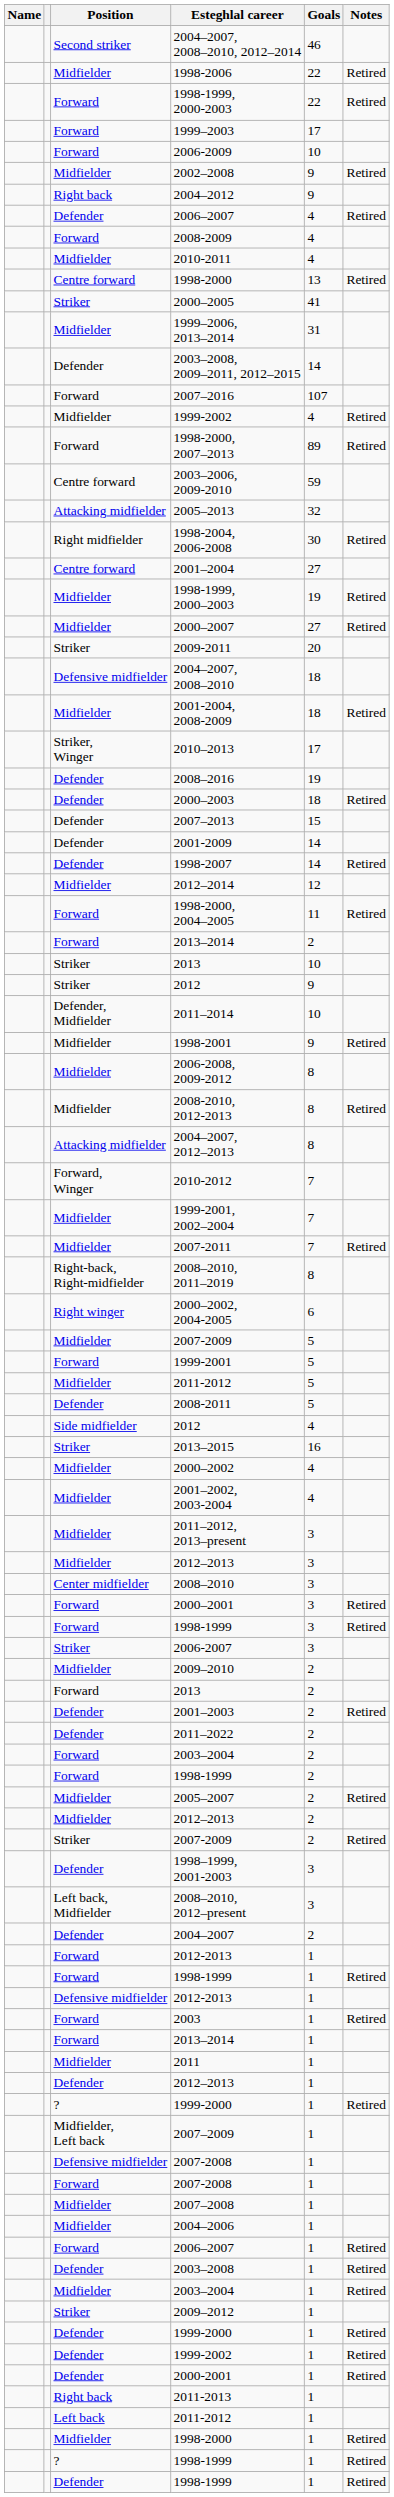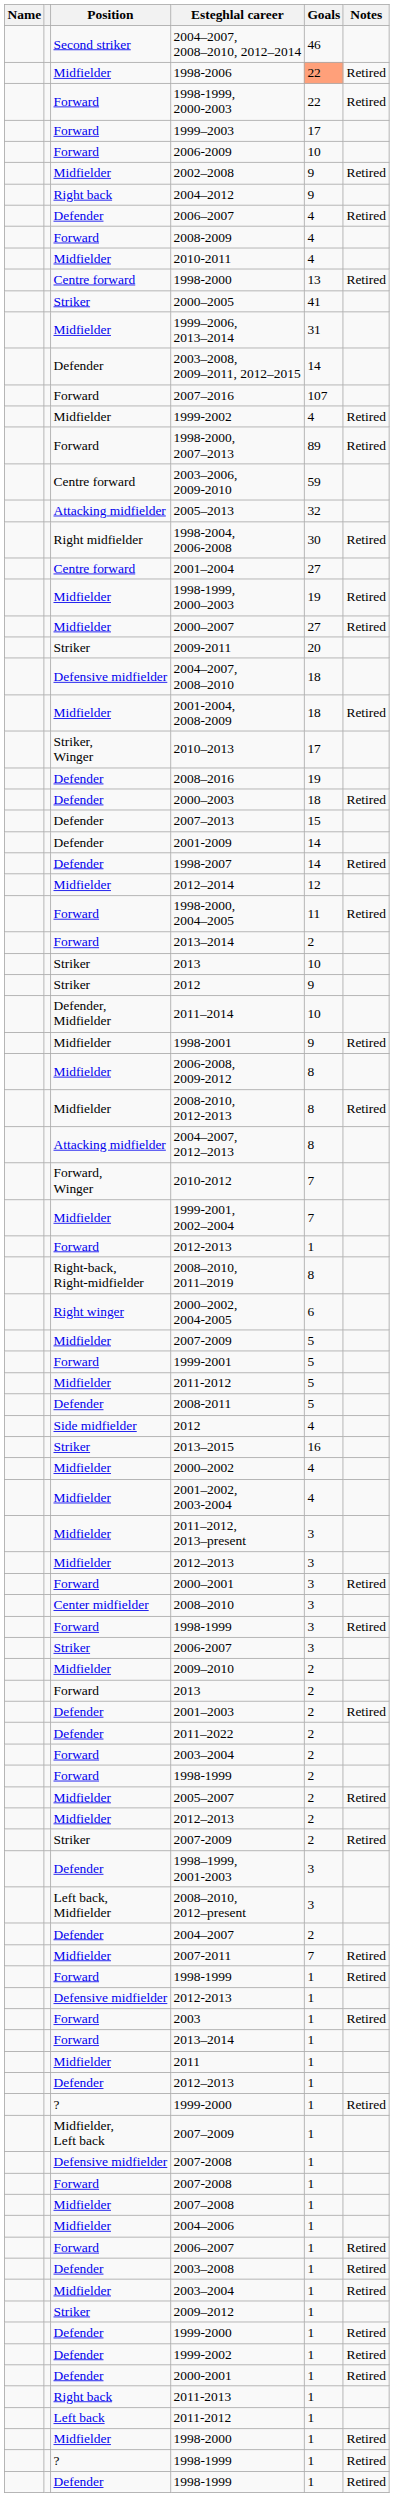 <table class="wikitable sortable">
 <tr>
 <th>Name</th>
 <th></th>
 <th>Position</th>
 <th>Esteghlal career</th>
 <th>Goals</th>
 <th class="unsortable">Notes</th>
 </tr>
 <tr>
 <td align="left"></td>
 <td></td>
 <td><a href='#'>Second striker</a></td>
 <td>2004–2007,<br>2008–2010, 2012–2014</td>
 <td>46</td>
 <td></td>
 </tr>
 <tr>
 <td align="left"></td>
 <td></td>
 <td><a href='#'>Midfielder</a></td>
 <td>1998-2006</td>
-<td>22</td>
+<td style="background: lightsalmon;">22</td>
 <td>Retired</td>
 </tr>
 <tr>
 <td align="left"></td>
 <td></td>
 <td><a href='#'>Forward</a></td>
 <td>1998-1999,<br>2000-2003</td>
 <td>22</td>
 <td>Retired</td>
 </tr>
 <tr>
 <td align="left"></td>
 <td></td>
 <td><a href='#'>Forward</a></td>
 <td>1999–2003</td>
 <td>17</td>
 <td></td>
 </tr>
 <tr>
 <td align="left"></td>
 <td></td>
 <td><a href='#'>Forward</a></td>
 <td>2006-2009</td>
 <td>10</td>
 <td></td>
 </tr>
 <tr>
 <td align="left"></td>
 <td></td>
 <td><a href='#'>Midfielder</a></td>
 <td>2002–2008</td>
 <td>9</td>
 <td>Retired</td>
 </tr>
 <tr>
 <td align="left"></td>
 <td></td>
 <td><a href='#'>Right back</a></td>
 <td>2004–2012</td>
 <td>9</td>
 <td></td>
 </tr>
 <tr>
 <td align="left"></td>
 <td></td>
 <td><a href='#'>Defender</a></td>
 <td>2006–2007</td>
 <td>4</td>
 <td>Retired</td>
 </tr>
 <tr>
 <td align="left"></td>
 <td></td>
 <td><a href='#'>Forward</a></td>
 <td>2008-2009</td>
 <td>4</td>
 <td></td>
 </tr>
 <tr>
 <td align="left"></td>
 <td></td>
 <td><a href='#'>Midfielder</a></td>
 <td>2010-2011</td>
 <td>4</td>
 <td></td>
 </tr>
 <tr>
 <td align="left"></td>
 <td></td>
 <td><a href='#'>Centre forward</a></td>
 <td>1998-2000</td>
 <td>13</td>
 <td>Retired</td>
 </tr>
 <tr>
 <td align="left"></td>
 <td></td>
 <td><a href='#'>Striker</a></td>
 <td>2000–2005</td>
 <td>41</td>
 <td></td>
 </tr>
 <tr>
 <td align="left"></td>
 <td></td>
 <td><a href='#'>Midfielder</a></td>
 <td>1999–2006,<br>2013–2014</td>
 <td>31</td>
 <td></td>
 </tr>
 <tr>
 <td align="left"></td>
 <td></td>
 <td>Defender</td>
 <td>2003–2008,<br>2009–2011, 2012–2015</td>
 <td>14</td>
 <td></td>
 </tr>
 <tr>
 <td align="left"></td>
 <td></td>
 <td>Forward</td>
 <td>2007–2016</td>
 <td>107</td>
 <td></td>
 </tr>
 <tr>
 <td align="left"></td>
 <td></td>
 <td>Midfielder</td>
 <td>1999-2002</td>
 <td>4</td>
 <td>Retired</td>
 </tr>
 <tr>
 <td align="left"></td>
 <td></td>
 <td>Forward</td>
 <td>1998-2000,<br>2007–2013</td>
 <td>89</td>
 <td>Retired</td>
 </tr>
 <tr>
 <td align="left"></td>
 <td></td>
 <td>Centre forward</td>
 <td>2003–2006,<br>2009-2010</td>
 <td>59</td>
 <td></td>
 </tr>
 <tr>
 <td align="left"></td>
 <td></td>
 <td><a href='#'>Attacking midfielder</a></td>
 <td>2005–2013</td>
 <td>32</td>
 <td></td>
 </tr>
 <tr>
 <td align="left"></td>
 <td></td>
 <td>Right midfielder</td>
 <td>1998-2004,<br>2006-2008</td>
 <td>30</td>
 <td>Retired</td>
 </tr>
 <tr>
 <td align="left"></td>
 <td></td>
 <td><a href='#'>Centre forward</a></td>
 <td>2001–2004</td>
 <td>27</td>
 <td></td>
 </tr>
 <tr>
 <td align="left"></td>
 <td></td>
 <td><a href='#'>Midfielder</a></td>
 <td>1998-1999,<br>2000–2003</td>
 <td>19</td>
 <td>Retired</td>
 </tr>
 <tr>
 <td align="left"></td>
 <td></td>
 <td><a href='#'>Midfielder</a></td>
 <td>2000–2007</td>
 <td>27</td>
 <td>Retired</td>
 </tr>
 <tr>
 <td align="left"></td>
 <td></td>
 <td>Striker</td>
 <td>2009-2011</td>
 <td>20</td>
 <td></td>
 </tr>
 <tr>
 <td align="left"></td>
 <td></td>
 <td><a href='#'>Defensive midfielder</a></td>
 <td>2004–2007,<br>2008–2010</td>
 <td>18</td>
 <td></td>
 </tr>
 <tr>
 <td align="left"></td>
 <td></td>
 <td><a href='#'>Midfielder</a></td>
 <td>2001-2004,<br>2008-2009</td>
 <td>18</td>
 <td>Retired</td>
 </tr>
 <tr>
 <td align="left"></td>
 <td></td>
 <td>Striker,<br>Winger</td>
 <td>2010–2013</td>
 <td>17</td>
 <td></td>
 </tr>
 <tr>
 <td align="left"></td>
 <td></td>
 <td><a href='#'>Defender</a></td>
 <td>2008–2016</td>
 <td>19</td>
 <td></td>
 </tr>
 <tr>
 <td align="left"></td>
 <td></td>
 <td><a href='#'>Defender</a></td>
 <td>2000–2003</td>
 <td>18</td>
 <td>Retired</td>
 </tr>
 <tr>
 <td align="left"></td>
 <td></td>
 <td>Defender</td>
 <td>2007–2013</td>
 <td>15</td>
 <td></td>
 </tr>
 <tr>
 <td align="left"></td>
 <td></td>
 <td>Defender</td>
 <td>2001-2009</td>
 <td>14</td>
 <td></td>
 </tr>
 <tr>
 <td align="left"></td>
 <td></td>
 <td><a href='#'>Defender</a></td>
 <td>1998-2007</td>
 <td>14</td>
 <td>Retired</td>
 </tr>
 <tr>
 <td align="left"></td>
 <td></td>
 <td><a href='#'>Midfielder</a></td>
 <td>2012–2014</td>
 <td>12</td>
 <td></td>
 </tr>
 <tr>
 <td align="left"></td>
 <td></td>
 <td><a href='#'>Forward</a></td>
 <td>1998-2000,<br>2004–2005</td>
 <td>11</td>
 <td>Retired</td>
 </tr>
 <tr>
 <td align="left"></td>
 <td></td>
 <td><a href='#'>Forward</a></td>
 <td>2013–2014</td>
 <td>2</td>
 <td></td>
 </tr>
 <tr>
 <td align="left"></td>
 <td></td>
 <td>Striker</td>
 <td>2013</td>
 <td>10</td>
 <td></td>
 </tr>
 <tr>
 <td align="left"></td>
 <td></td>
 <td>Striker</td>
 <td>2012</td>
 <td>9</td>
 <td></td>
 </tr>
 <tr>
 <td align="left"></td>
 <td></td>
 <td>Defender,<br>Midfielder</td>
 <td>2011–2014</td>
 <td>10</td>
 <td></td>
 </tr>
 <tr>
 <td align="left"></td>
 <td></td>
 <td>Midfielder</td>
 <td>1998-2001</td>
 <td>9</td>
 <td>Retired</td>
 </tr>
 <tr>
 <td align="left"></td>
 <td></td>
 <td><a href='#'>Midfielder</a></td>
 <td>2006-2008,<br>2009-2012</td>
 <td>8</td>
 <td></td>
 </tr>
 <tr>
 <td align="left"></td>
 <td></td>
 <td>Midfielder</td>
 <td>2008-2010,<br>2012-2013</td>
 <td>8</td>
 <td>Retired</td>
 </tr>
 <tr>
 <td align="left"></td>
 <td></td>
 <td><a href='#'>Attacking midfielder</a></td>
 <td>2004–2007,<br>2012–2013</td>
 <td>8</td>
 <td></td>
 </tr>
 <tr>
 <td align="left"></td>
 <td></td>
 <td>Forward,<br>Winger</td>
 <td>2010-2012</td>
 <td>7</td>
 <td></td>
 </tr>
 <tr>
 <td align="left"></td>
 <td></td>
 <td><a href='#'>Midfielder</a></td>
 <td>1999-2001,<br>2002–2004</td>
 <td>7</td>
 <td></td>
 </tr>
 <tr>
 <td align="left"></td>
 <td></td>
-<td><a href='#'>Midfielder</a></td>
-<td>2007-2011</td>
-<td>7</td>
-<td>Retired</td>
+<td><a href='#'>Forward</a></td>
+<td>2012-2013</td>
+<td>1</td>
+<td></td>
 </tr>
 <tr>
 <td align="left"></td>
 <td></td>
 <td>Right-back,<br>Right-midfielder</td>
 <td>2008–2010,<br>2011–2019</td>
 <td>8</td>
 <td></td>
 </tr>
 <tr>
 <td align="left"></td>
 <td></td>
 <td><a href='#'>Right winger</a></td>
 <td>2000–2002,<br>2004-2005</td>
 <td>6</td>
 <td></td>
 </tr>
 <tr>
 <td align="left"></td>
 <td></td>
 <td><a href='#'>Midfielder</a></td>
 <td>2007-2009</td>
 <td>5</td>
 <td></td>
 </tr>
 <tr>
 <td align="left"></td>
 <td></td>
 <td><a href='#'>Forward</a></td>
 <td>1999-2001</td>
 <td>5</td>
 <td></td>
 </tr>
 <tr>
 <td align="left"></td>
 <td></td>
 <td><a href='#'>Midfielder</a></td>
 <td>2011-2012</td>
 <td>5</td>
 <td></td>
 </tr>
 <tr>
 <td align="left"></td>
 <td></td>
 <td><a href='#'>Defender</a></td>
 <td>2008-2011</td>
 <td>5</td>
 <td></td>
 </tr>
 <tr>
 <td align="left"></td>
 <td></td>
 <td><a href='#'>Side midfielder</a></td>
 <td>2012</td>
 <td>4</td>
 <td></td>
 </tr>
 <tr>
 <td align="left"></td>
 <td></td>
 <td><a href='#'>Striker</a></td>
 <td>2013–2015</td>
 <td>16</td>
 <td></td>
 </tr>
 <tr>
 <td align="left"></td>
 <td></td>
 <td><a href='#'>Midfielder</a></td>
 <td>2000–2002</td>
 <td>4</td>
 <td></td>
 </tr>
 <tr>
 <td align="left"></td>
 <td></td>
 <td><a href='#'>Midfielder</a></td>
 <td>2001–2002,<br>2003-2004</td>
 <td>4</td>
 <td></td>
 </tr>
 <tr>
 <td align="left"></td>
 <td></td>
 <td><a href='#'>Midfielder</a></td>
 <td>2011–2012,<br>2013–present</td>
 <td>3</td>
 <td></td>
 </tr>
 <tr>
 <td align="left"></td>
 <td></td>
 <td><a href='#'>Midfielder</a></td>
 <td>2012–2013</td>
 <td>3</td>
 <td></td>
 </tr>
 <tr>
 <td align="left"></td>
 <td></td>
+<td><a href='#'>Forward</a></td>
+<td>2000–2001</td>
+<td>3</td>
+<td>Retired</td>
+</tr>
+<tr>
+<td align="left"></td>
+<td></td>
 <td><a href='#'>Center midfielder</a></td>
 <td>2008–2010</td>
 <td>3</td>
 <td></td>
-</tr>
-<tr>
-<td align="left"></td>
-<td></td>
-<td><a href='#'>Forward</a></td>
-<td>2000–2001</td>
-<td>3</td>
-<td>Retired</td>
 </tr>
 <tr>
 <td align="left"></td>
 <td></td>
 <td><a href='#'>Forward</a></td>
 <td>1998-1999</td>
 <td>3</td>
 <td>Retired</td>
 </tr>
 <tr>
 <td align="left"></td>
 <td></td>
 <td><a href='#'>Striker</a></td>
 <td>2006-2007</td>
 <td>3</td>
 <td></td>
 </tr>
 <tr>
 <td align="left"></td>
 <td></td>
 <td><a href='#'>Midfielder</a></td>
 <td>2009–2010</td>
 <td>2</td>
 <td></td>
 </tr>
 <tr>
 <td align="left"></td>
 <td></td>
 <td>Forward</td>
 <td>2013</td>
 <td>2</td>
 <td></td>
 </tr>
 <tr>
 <td align="left"></td>
 <td></td>
 <td><a href='#'>Defender</a></td>
 <td>2001–2003</td>
 <td>2</td>
 <td>Retired</td>
 </tr>
 <tr>
 <td align="left"></td>
 <td></td>
 <td><a href='#'>Defender</a></td>
 <td>2011–2022</td>
 <td>2</td>
 <td></td>
 </tr>
 <tr>
 <td align="left"></td>
 <td></td>
 <td><a href='#'>Forward</a></td>
 <td>2003–2004</td>
 <td>2</td>
 <td></td>
 </tr>
 <tr>
 <td align="left"></td>
 <td></td>
 <td><a href='#'>Forward</a></td>
 <td>1998-1999</td>
 <td>2</td>
 <td></td>
 </tr>
 <tr>
 <td align="left"></td>
 <td></td>
 <td><a href='#'>Midfielder</a></td>
 <td>2005–2007</td>
 <td>2</td>
 <td>Retired</td>
 </tr>
 <tr>
 <td align="left"></td>
 <td></td>
 <td><a href='#'>Midfielder</a></td>
 <td>2012–2013</td>
 <td>2</td>
 <td></td>
 </tr>
 <tr>
 <td align="left"></td>
 <td></td>
 <td>Striker</td>
 <td>2007-2009</td>
 <td>2</td>
 <td>Retired</td>
 </tr>
 <tr>
 <td align="left"></td>
 <td></td>
 <td><a href='#'>Defender</a></td>
 <td>1998–1999,<br>2001-2003</td>
 <td>3</td>
 <td></td>
 </tr>
 <tr>
 <td align="left"></td>
 <td></td>
 <td>Left back,<br>Midfielder</td>
 <td>2008–2010,<br>2012–present</td>
 <td>3</td>
 <td></td>
 </tr>
 <tr>
 <td align="left"></td>
 <td></td>
 <td><a href='#'>Defender</a></td>
 <td>2004–2007</td>
 <td>2</td>
 <td></td>
 </tr>
 <tr>
 <td align="left"></td>
 <td></td>
-<td><a href='#'>Forward</a></td>
-<td>2012-2013</td>
-<td>1</td>
-<td></td>
+<td><a href='#'>Midfielder</a></td>
+<td>2007-2011</td>
+<td>7</td>
+<td>Retired</td>
 </tr>
 <tr>
 <td align="left"></td>
 <td></td>
 <td><a href='#'>Forward</a></td>
 <td>1998-1999</td>
 <td>1</td>
 <td>Retired</td>
 </tr>
 <tr>
 <td align="left"></td>
 <td></td>
 <td><a href='#'>Defensive midfielder</a></td>
 <td>2012-2013</td>
 <td>1</td>
 <td></td>
 </tr>
 <tr>
 <td align="left"></td>
 <td></td>
 <td><a href='#'>Forward</a></td>
 <td>2003</td>
 <td>1</td>
 <td>Retired</td>
 </tr>
 <tr>
 <td align="left"></td>
 <td></td>
 <td><a href='#'>Forward</a></td>
 <td>2013–2014</td>
 <td>1</td>
 <td></td>
 </tr>
 <tr>
 <td align="left"></td>
 <td></td>
 <td><a href='#'>Midfielder</a></td>
 <td>2011</td>
 <td>1</td>
 <td></td>
 </tr>
 <tr>
 <td align="left"></td>
 <td></td>
 <td><a href='#'>Defender</a></td>
 <td>2012–2013</td>
 <td>1</td>
 <td></td>
 </tr>
 <tr>
 <td align="left"></td>
 <td></td>
 <td>?</td>
 <td>1999-2000</td>
 <td>1</td>
 <td>Retired</td>
 </tr>
 <tr>
 <td align="left"></td>
 <td></td>
 <td>Midfielder,<br>Left back</td>
 <td>2007–2009</td>
 <td>1</td>
 <td></td>
 </tr>
 <tr>
 <td align="left"></td>
 <td></td>
 <td><a href='#'>Defensive midfielder</a></td>
 <td>2007-2008</td>
 <td>1</td>
 <td></td>
 </tr>
 <tr>
 <td align="left"></td>
 <td></td>
 <td><a href='#'>Forward</a></td>
 <td>2007-2008</td>
 <td>1</td>
 <td></td>
 </tr>
 <tr>
 <td align="left"></td>
 <td></td>
 <td><a href='#'>Midfielder</a></td>
 <td>2007–2008</td>
 <td>1</td>
 <td></td>
 </tr>
 <tr>
 <td align="left"></td>
 <td></td>
 <td><a href='#'>Midfielder</a></td>
 <td>2004–2006</td>
 <td>1</td>
 <td></td>
 </tr>
 <tr>
 <td align="left"></td>
 <td></td>
 <td><a href='#'>Forward</a></td>
 <td>2006–2007</td>
 <td>1</td>
 <td>Retired</td>
 </tr>
 <tr>
 <td align="left"></td>
 <td></td>
 <td><a href='#'>Defender</a></td>
 <td>2003–2008</td>
 <td>1</td>
 <td>Retired</td>
 </tr>
 <tr>
 <td align="left"></td>
 <td></td>
 <td><a href='#'>Midfielder</a></td>
 <td>2003–2004</td>
 <td>1</td>
 <td>Retired</td>
 </tr>
 <tr>
 <td align="left"></td>
 <td></td>
 <td><a href='#'>Striker</a></td>
 <td>2009–2012</td>
 <td>1</td>
 <td></td>
 </tr>
 <tr>
 <td align="left"></td>
 <td></td>
 <td><a href='#'>Defender</a></td>
 <td>1999-2000</td>
 <td>1</td>
 <td>Retired</td>
 </tr>
 <tr>
 <td align="left"></td>
 <td></td>
 <td><a href='#'>Defender</a></td>
 <td>1999-2002</td>
 <td>1</td>
 <td>Retired</td>
 </tr>
 <tr>
 <td align="left"></td>
 <td></td>
 <td><a href='#'>Defender</a></td>
 <td>2000-2001</td>
 <td>1</td>
 <td>Retired</td>
 </tr>
 <tr>
 <td align="left"></td>
 <td></td>
 <td><a href='#'>Right back</a></td>
 <td>2011-2013</td>
 <td>1</td>
 <td></td>
 </tr>
 <tr>
 <td align="left"></td>
 <td></td>
 <td><a href='#'>Left back</a></td>
 <td>2011-2012</td>
 <td>1</td>
 <td></td>
 </tr>
 <tr>
 <td align="left"></td>
 <td></td>
 <td><a href='#'>Midfielder</a></td>
 <td>1998-2000</td>
 <td>1</td>
 <td>Retired</td>
 </tr>
 <tr>
 <td align="left"></td>
 <td></td>
 <td>?</td>
 <td>1998-1999</td>
 <td>1</td>
 <td>Retired</td>
 </tr>
 <tr>
 <td align="left"></td>
 <td></td>
 <td><a href='#'>Defender</a></td>
 <td>1998-1999</td>
 <td>1</td>
 <td>Retired</td>
 </tr>
 </table>
